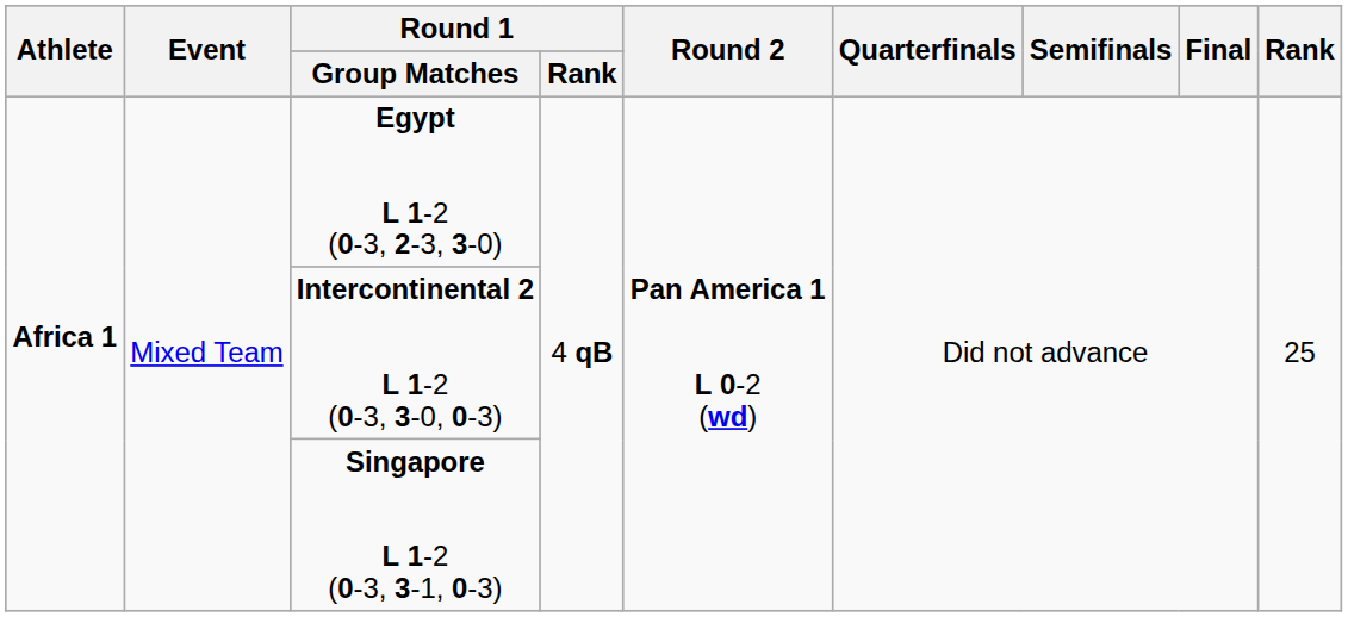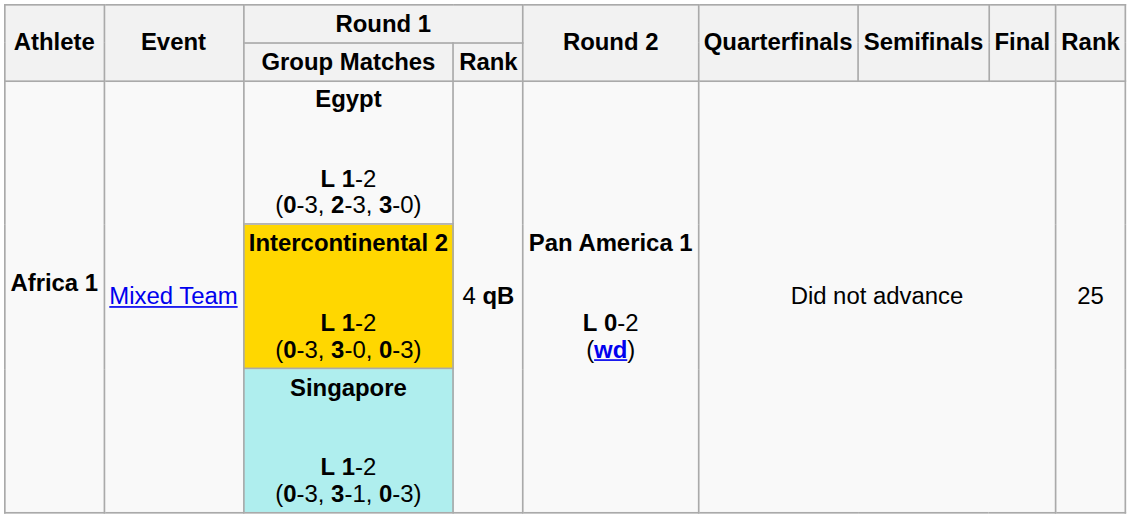 <table class="wikitable" border="1" style="font-size:90%">
 <tr>
 <th rowspan=2>Athlete</th>
 <th rowspan=2>Event</th>
 <th colspan=2>Round 1</th>
 <th rowspan=2>Round 2</th>
 <th rowspan=2>Quarterfinals</th>
 <th rowspan=2>Semifinals</th>
 <th rowspan=2>Final</th>
 <th rowspan=2>Rank</th>
 </tr>
 <tr>
 <th>Group Matches</th>
 <th>Rank</th>
 </tr>
 <tr>
 <td rowspan=3><strong>Africa 1</strong><br><br></td>
 <td rowspan=3><a href='#'>Mixed Team</a></td>
 <td align=center><strong>Egypt</strong><br><br>  <br> <strong>L</strong> <strong>1</strong>-2 <br> (<strong>0</strong>-3, <strong>2</strong>-3, <strong>3</strong>-0)</td>
 <td rowspan=3 align=center>4 <strong>qB</strong></td>
 <td align=center rowspan=3><strong>Pan America 1</strong><br><br>  <br> <strong>L</strong> <strong>0</strong>-2 <br> (<strong><a href='#'>wd</a></strong>)</td>
 <td rowspan=3 colspan=3 align=center>Did not advance</td>
 <td rowspan=3 align=center>25</td>
 </tr>
 <tr>
-<td align=center><strong>Intercontinental 2</strong><br><br>  <br> <strong>L</strong> <strong>1</strong>-2 <br> (<strong>0</strong>-3, <strong>3</strong>-0, <strong>0</strong>-3)</td>
+<td align=center style="background: gold;"><strong>Intercontinental 2</strong><br><br>  <br> <strong>L</strong> <strong>1</strong>-2 <br> (<strong>0</strong>-3, <strong>3</strong>-0, <strong>0</strong>-3)</td>
 </tr>
 <tr>
-<td align=center><strong>Singapore</strong><br><br>  <br> <strong>L</strong> <strong>1</strong>-2 <br> (<strong>0</strong>-3, <strong>3</strong>-1, <strong>0</strong>-3)</td>
+<td align=center style="background: paleturquoise;"><strong>Singapore</strong><br><br>  <br> <strong>L</strong> <strong>1</strong>-2 <br> (<strong>0</strong>-3, <strong>3</strong>-1, <strong>0</strong>-3)</td>
 </tr>
 </table>
